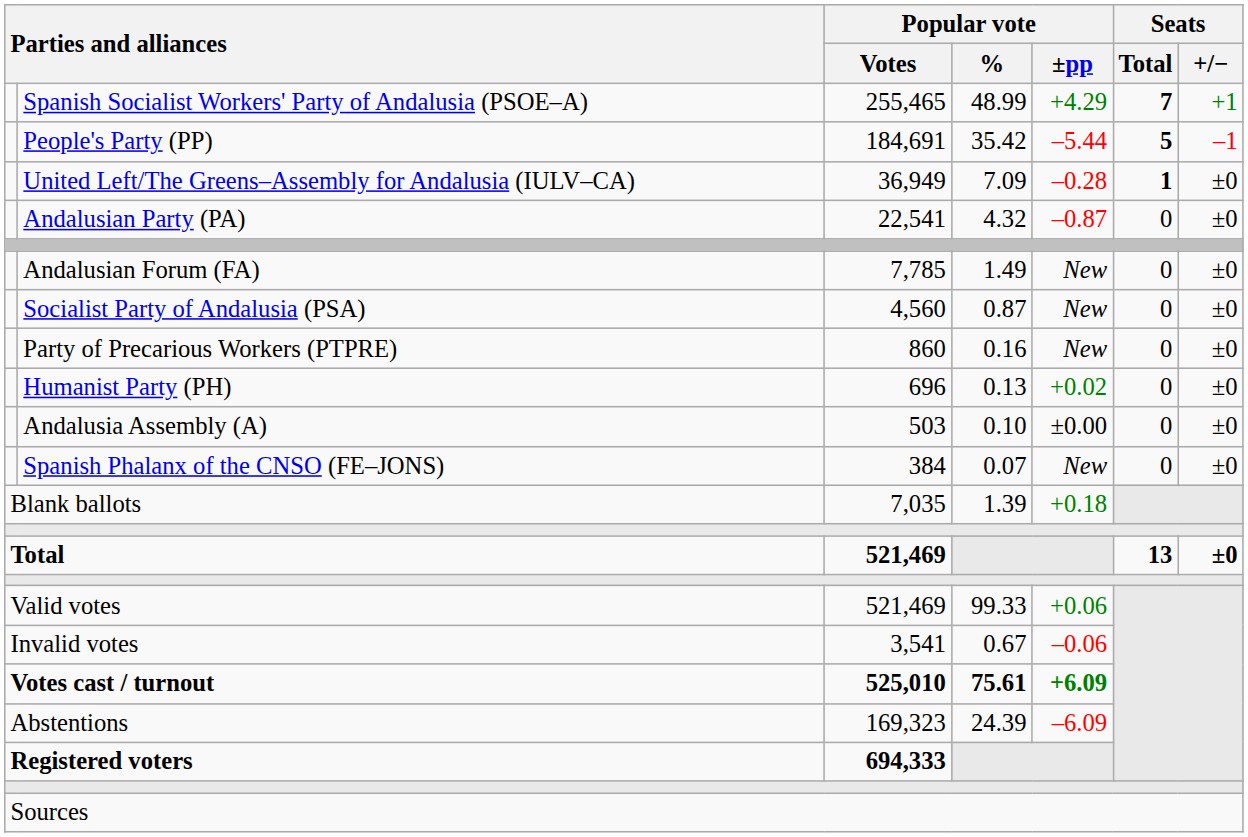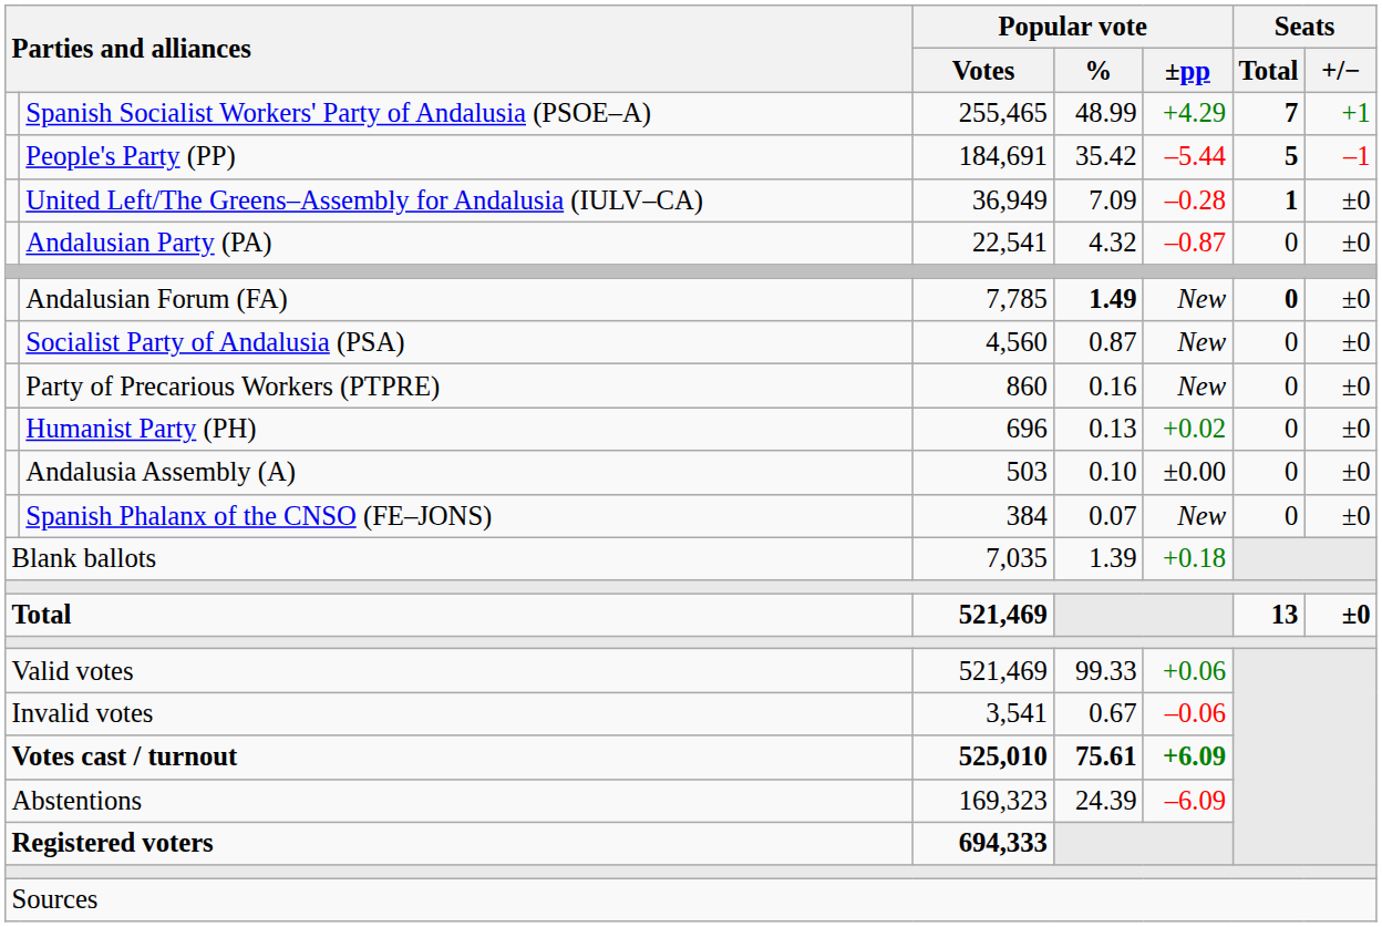 <table class="wikitable" style="text-align:right;">
 <tr>
 <th style="text-align:left;" rowspan="2" colspan="2" width="525">Parties and alliances</th>
 <th colspan="3">Popular vote</th>
 <th colspan="2">Seats</th>
 </tr>
 <tr>
 <th width="75">Votes</th>
 <th width="45">%</th>
 <th width="45">±<a href='#'>pp</a></th>
 <th width="35">Total</th>
 <th width="35">+/−</th>
 </tr>
 <tr>
 <td width="1" style="color:inherit;background:"></td>
 <td align="left"><a href='#'>Spanish Socialist Workers' Party of Andalusia</a> (PSOE–A)</td>
 <td>255,465</td>
 <td>48.99</td>
 <td style="color:green;">+4.29</td>
 <td><strong>7</strong></td>
 <td style="color:green;">+1</td>
 </tr>
 <tr>
 <td style="color:inherit;background:"></td>
 <td align="left"><a href='#'>People's Party</a> (PP)</td>
 <td>184,691</td>
 <td>35.42</td>
 <td style="color:red;">–5.44</td>
 <td><strong>5</strong></td>
 <td style="color:red;">–1</td>
 </tr>
 <tr>
 <td style="color:inherit;background:"></td>
 <td align="left"><a href='#'>United Left/The Greens–Assembly for Andalusia</a> (IULV–CA)</td>
 <td>36,949</td>
 <td>7.09</td>
 <td style="color:red;">–0.28</td>
 <td><strong>1</strong></td>
 <td>±0</td>
 </tr>
 <tr>
 <td style="color:inherit;background:"></td>
 <td align="left"><a href='#'>Andalusian Party</a> (PA)</td>
 <td>22,541</td>
 <td>4.32</td>
 <td style="color:red;">–0.87</td>
 <td>0</td>
 <td>±0</td>
 </tr>
 <tr>
 <td colspan="7" bgcolor="#C0C0C0"></td>
 </tr>
 <tr>
 <td style="color:inherit;background:"></td>
 <td align="left">Andalusian Forum (FA)</td>
 <td>7,785</td>
-<td>1.49</td>
+<td><strong>1.49</strong></td>
 <td><em>New</em></td>
-<td>0</td>
+<td><strong>0</strong></td>
 <td>±0</td>
 </tr>
 <tr>
 <td style="color:inherit;background:"></td>
 <td align="left"><a href='#'>Socialist Party of Andalusia</a> (PSA)</td>
 <td>4,560</td>
 <td>0.87</td>
 <td><em>New</em></td>
 <td>0</td>
 <td>±0</td>
 </tr>
 <tr>
 <td style="color:inherit;background:"></td>
 <td align="left">Party of Precarious Workers (PTPRE)</td>
 <td>860</td>
 <td>0.16</td>
 <td><em>New</em></td>
 <td>0</td>
 <td>±0</td>
 </tr>
 <tr>
 <td style="color:inherit;background:"></td>
 <td align="left"><a href='#'>Humanist Party</a> (PH)</td>
 <td>696</td>
 <td>0.13</td>
 <td style="color:green;">+0.02</td>
 <td>0</td>
 <td>±0</td>
 </tr>
 <tr>
 <td style="color:inherit;background:"></td>
 <td align="left">Andalusia Assembly (A)</td>
 <td>503</td>
 <td>0.10</td>
 <td>±0.00</td>
 <td>0</td>
 <td>±0</td>
 </tr>
 <tr>
 <td style="color:inherit;background:"></td>
 <td align="left"><a href='#'>Spanish Phalanx of the CNSO</a> (FE–JONS)</td>
 <td>384</td>
 <td>0.07</td>
 <td><em>New</em></td>
 <td>0</td>
 <td>±0</td>
 </tr>
 <tr>
 <td align="left" colspan="2">Blank ballots</td>
 <td>7,035</td>
 <td>1.39</td>
 <td style="color:green;">+0.18</td>
 <td bgcolor="#E9E9E9" colspan="2"></td>
 </tr>
 <tr>
 <td colspan="7" bgcolor="#E9E9E9"></td>
 </tr>
 <tr style="font-weight:bold;">
 <td align="left" colspan="2">Total</td>
 <td>521,469</td>
 <td bgcolor="#E9E9E9" colspan="2"></td>
 <td>13</td>
 <td>±0</td>
 </tr>
 <tr>
 <td colspan="7" bgcolor="#E9E9E9"></td>
 </tr>
 <tr>
 <td align="left" colspan="2">Valid votes</td>
 <td>521,469</td>
 <td>99.33</td>
 <td style="color:green;">+0.06</td>
 <td bgcolor="#E9E9E9" colspan="2" rowspan="5"></td>
 </tr>
 <tr>
 <td align="left" colspan="2">Invalid votes</td>
 <td>3,541</td>
 <td>0.67</td>
 <td style="color:red;">–0.06</td>
 </tr>
 <tr style="font-weight:bold;">
 <td align="left" colspan="2">Votes cast / turnout</td>
 <td>525,010</td>
 <td>75.61</td>
 <td style="color:green;">+6.09</td>
 </tr>
 <tr>
 <td align="left" colspan="2">Abstentions</td>
 <td>169,323</td>
 <td>24.39</td>
 <td style="color:red;">–6.09</td>
 </tr>
 <tr style="font-weight:bold;">
 <td align="left" colspan="2">Registered voters</td>
 <td>694,333</td>
 <td bgcolor="#E9E9E9" colspan="2"></td>
 </tr>
 <tr>
 <td colspan="7" bgcolor="#E9E9E9"></td>
 </tr>
 <tr>
 <td align="left" colspan="7">Sources</td>
 </tr>
 </table>
